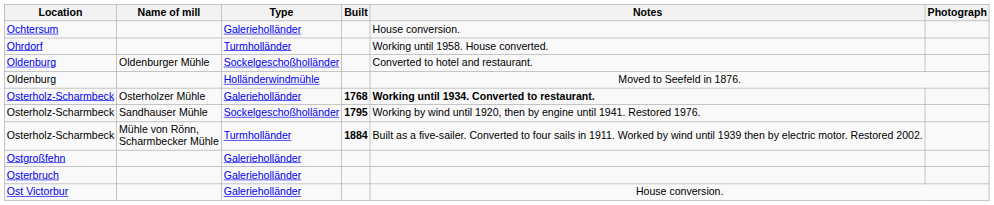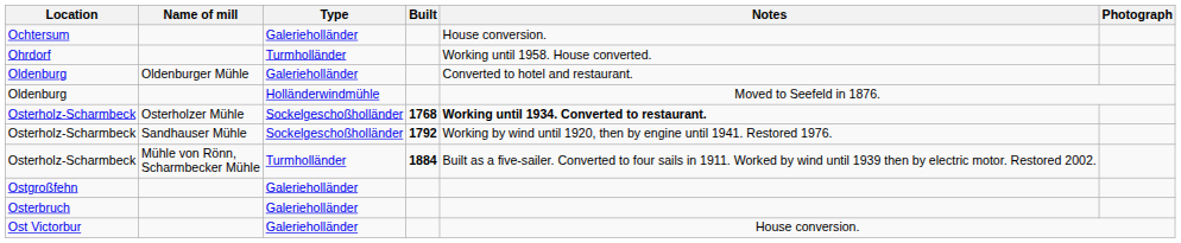 <table class="wikitable sortable">
 <tr>
 <th>Location</th>
 <th>Name of mill</th>
 <th>Type</th>
 <th>Built</th>
 <th class="unsortable">Notes</th>
 <th class="unsortable">Photograph</th>
 </tr>
 <tr>
 <td><a href='#'>Ochtersum</a></td>
 <td></td>
 <td><a href='#'>Galerieholländer</a></td>
 <td></td>
 <td>House conversion.</td>
 <td></td>
 </tr>
 <tr>
 <td><a href='#'>Ohrdorf</a></td>
 <td></td>
 <td><a href='#'>Turmholländer</a></td>
 <td></td>
 <td>Working until 1958. House converted.</td>
 <td></td>
 </tr>
 <tr>
 <td><a href='#'>Oldenburg</a></td>
 <td>Oldenburger Mühle</td>
-<td><a href='#'>Sockelgeschoß­holländer</a></td>
+<td><a href='#'>Galerieholländer</a></td>
 <td></td>
 <td>Converted to hotel and restaurant.</td>
 <td></td>
 </tr>
 <tr>
 <td>Oldenburg</td>
 <td></td>
 <td><a href='#'>Holländerwindmühle</a></td>
 <td></td>
 <td colspan="2" style="text-align:center;">Moved to Seefeld in 1876.</td>
 </tr>
 <tr>
 <td><a href='#'>Osterholz-Scharmbeck</a></td>
 <td>Osterholzer Mühle</td>
-<td><a href='#'>Galerieholländer</a></td>
+<td><a href='#'>Sockelgeschoß­holländer</a></td>
 <td><strong>1768</strong></td>
 <td><strong>Working until 1934. Converted to restaurant.</strong></td>
 <td></td>
 </tr>
 <tr>
 <td>Osterholz-Scharmbeck</td>
 <td>Sandhauser Mühle</td>
 <td><a href='#'>Sockelgeschoß­holländer</a></td>
-<td><strong>1795</strong></td>
+<td><strong>1792</strong></td>
 <td>Working by wind until 1920, then by engine until 1941. Restored 1976.</td>
 <td></td>
 </tr>
 <tr>
 <td>Osterholz-Scharmbeck</td>
 <td>Mühle von Rönn,<br>Scharmbecker Mühle</td>
 <td><a href='#'>Turmholländer</a></td>
 <td><strong>1884</strong></td>
 <td>Built as a five-sailer. Converted to four sails in 1911. Worked by wind until 1939 then by electric motor. Restored 2002.</td>
 <td></td>
 </tr>
 <tr>
 <td><a href='#'>Ostgroßfehn</a></td>
 <td></td>
 <td><a href='#'>Galerieholländer</a></td>
 <td></td>
 <td></td>
 <td></td>
 </tr>
 <tr>
 <td><a href='#'>Osterbruch</a></td>
 <td></td>
 <td><a href='#'>Galerieholländer</a></td>
 <td></td>
 <td></td>
 <td></td>
 </tr>
 <tr>
 <td><a href='#'>Ost Victorbur</a></td>
 <td></td>
 <td><a href='#'>Galerieholländer</a></td>
 <td></td>
 <td colspan="2" style="text-align:center;">House conversion.</td>
 </tr>
 </table>
